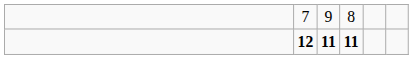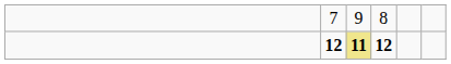 <table class="wikitable">
 <tr>
 <td style="width:18em"></td>
 <td align=center style="width:1em">7</td>
 <td align=center style="width:1em">9</td>
 <td align=center style="width:1em">8</td>
 <td align=center style="width:1em"></td>
 <td align=center style="width:1em"></td>
 </tr>
 <tr>
 <td style="width:18em"></td>
 <td align=center style="width:1em"><strong>12</strong></td>
-<td align=center style="width:1em"><strong>11</strong></td>
-<td align=center style="width:1em"><strong>11</strong></td>
+<td align=center style="background: khaki; width:1em"><strong>11</strong></td>
+<td align=center style="width:1em"><strong>12</strong></td>
 <td align=center style="width:1em"></td>
 <td align=center style="width:1em"></td>
 </tr>
 </table>
